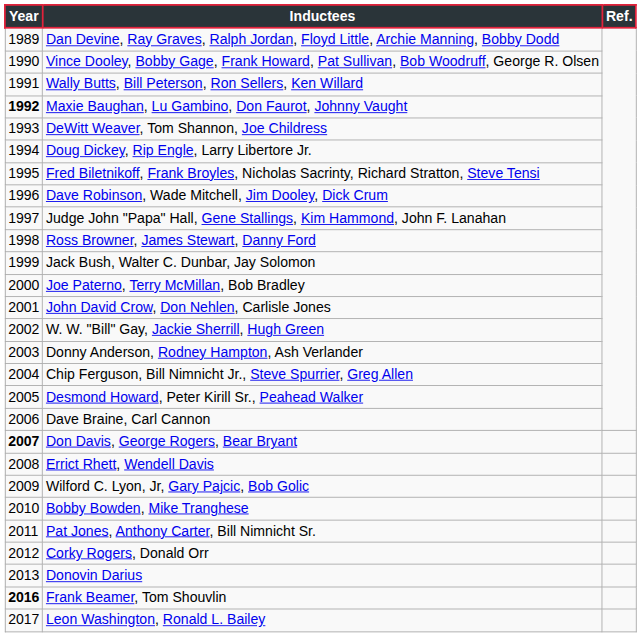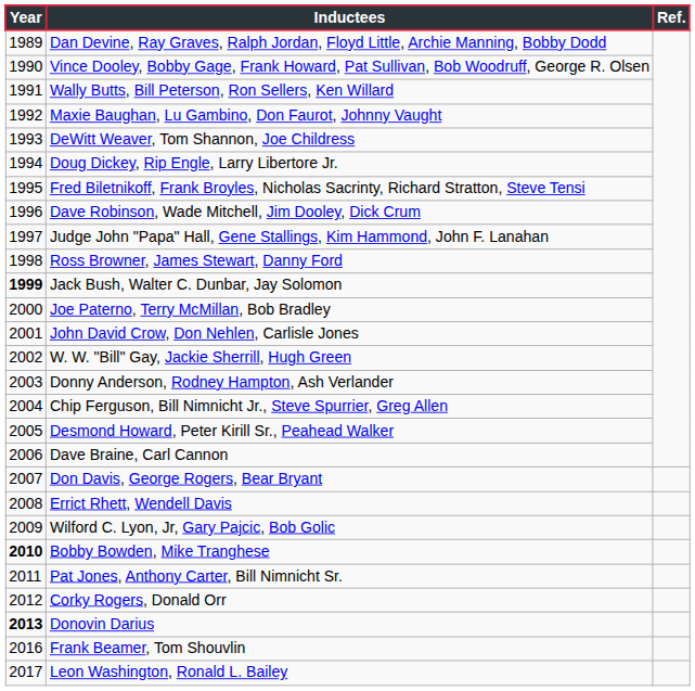 <table class="wikitable mw-collapsible mw-collapsed">
 <tr>
 <th style="background:#2a3439; color:#fff; border:2px solid #e2223b;">Year</th>
 <th style="background:#2a3439; color:#fff; border:2px solid #e2223b;">Inductees</th>
 <th style="background:#2a3439; color:#fff; border:2px solid #e2223b;">Ref.</th>
 </tr>
 <tr>
 <td>1989</td>
 <td><a href='#'>Dan Devine</a>, <a href='#'>Ray Graves</a>, <a href='#'>Ralph Jordan</a>, <a href='#'>Floyd Little</a>, <a href='#'>Archie Manning</a>, <a href='#'>Bobby Dodd</a></td>
 <td rowspan=18></td>
 </tr>
 <tr>
 <td>1990</td>
 <td><a href='#'>Vince Dooley</a>, <a href='#'>Bobby Gage</a>, <a href='#'>Frank Howard</a>, <a href='#'>Pat Sullivan</a>, <a href='#'>Bob Woodruff</a>, George R. Olsen</td>
 </tr>
 <tr>
 <td>1991</td>
 <td><a href='#'>Wally Butts</a>, <a href='#'>Bill Peterson</a>, <a href='#'>Ron Sellers</a>, <a href='#'>Ken Willard</a></td>
 </tr>
 <tr>
-<td><strong>1992</strong></td>
+<td>1992</td>
 <td><a href='#'>Maxie Baughan</a>, <a href='#'>Lu Gambino</a>, <a href='#'>Don Faurot</a>, <a href='#'>Johnny Vaught</a></td>
 </tr>
 <tr>
 <td>1993</td>
 <td><a href='#'>DeWitt Weaver</a>, Tom Shannon, <a href='#'>Joe Childress</a></td>
 </tr>
 <tr>
 <td>1994</td>
 <td><a href='#'>Doug Dickey</a>, <a href='#'>Rip Engle</a>, Larry Libertore Jr.</td>
 </tr>
 <tr>
 <td>1995</td>
 <td><a href='#'>Fred Biletnikoff</a>, <a href='#'>Frank Broyles</a>, Nicholas Sacrinty, Richard Stratton, <a href='#'>Steve Tensi</a></td>
 </tr>
 <tr>
 <td>1996</td>
 <td><a href='#'>Dave Robinson</a>, Wade Mitchell, <a href='#'>Jim Dooley</a>, <a href='#'>Dick Crum</a></td>
 </tr>
 <tr>
 <td>1997</td>
 <td>Judge John "Papa" Hall, <a href='#'>Gene Stallings</a>, <a href='#'>Kim Hammond</a>, John F. Lanahan</td>
 </tr>
 <tr>
 <td>1998</td>
 <td><a href='#'>Ross Browner</a>, <a href='#'>James Stewart</a>, <a href='#'>Danny Ford</a></td>
 </tr>
 <tr>
-<td>1999</td>
+<td><strong>1999</strong></td>
 <td>Jack Bush, Walter C. Dunbar, Jay Solomon</td>
 </tr>
 <tr>
 <td>2000</td>
 <td><a href='#'>Joe Paterno</a>, <a href='#'>Terry McMillan</a>, Bob Bradley</td>
 </tr>
 <tr>
 <td>2001</td>
 <td><a href='#'>John David Crow</a>, <a href='#'>Don Nehlen</a>, Carlisle Jones</td>
 </tr>
 <tr>
 <td>2002</td>
 <td>W. W. "Bill" Gay, <a href='#'>Jackie Sherrill</a>, <a href='#'>Hugh Green</a></td>
 </tr>
 <tr>
 <td>2003</td>
 <td>Donny Anderson, <a href='#'>Rodney Hampton</a>, Ash Verlander</td>
 </tr>
 <tr>
 <td>2004</td>
 <td>Chip Ferguson, Bill Nimnicht Jr., <a href='#'>Steve Spurrier</a>, <a href='#'>Greg Allen</a></td>
 </tr>
 <tr>
 <td>2005</td>
 <td><a href='#'>Desmond Howard</a>, Peter Kirill Sr., <a href='#'>Peahead Walker</a></td>
 </tr>
 <tr>
 <td>2006</td>
 <td>Dave Braine, Carl Cannon</td>
 </tr>
 <tr>
-<td><strong>2007</strong></td>
+<td>2007</td>
 <td><a href='#'>Don Davis</a>, <a href='#'>George Rogers</a>, <a href='#'>Bear Bryant</a></td>
 <td></td>
 </tr>
 <tr>
 <td>2008</td>
 <td><a href='#'>Errict Rhett</a>, <a href='#'>Wendell Davis</a></td>
 <td></td>
 </tr>
 <tr>
 <td>2009</td>
 <td>Wilford C. Lyon, Jr, <a href='#'>Gary Pajcic</a>, <a href='#'>Bob Golic</a></td>
 <td></td>
 </tr>
 <tr>
-<td>2010</td>
+<td><strong>2010</strong></td>
 <td><a href='#'>Bobby Bowden</a>, <a href='#'>Mike Tranghese</a></td>
 <td></td>
 </tr>
 <tr>
 <td>2011</td>
 <td><a href='#'>Pat Jones</a>, <a href='#'>Anthony Carter</a>, Bill Nimnicht Sr.</td>
 <td></td>
 </tr>
 <tr>
 <td>2012</td>
 <td><a href='#'>Corky Rogers</a>, Donald Orr</td>
 <td></td>
 </tr>
 <tr>
-<td>2013</td>
+<td><strong>2013</strong></td>
 <td><a href='#'>Donovin Darius</a></td>
 <td></td>
 </tr>
 <tr>
-<td><strong>2016</strong></td>
+<td>2016</td>
 <td><a href='#'>Frank Beamer</a>, Tom Shouvlin</td>
 <td></td>
 </tr>
 <tr>
 <td>2017</td>
 <td><a href='#'>Leon Washington</a>, <a href='#'>Ronald L. Bailey</a></td>
 <td></td>
 </tr>
 </table>
